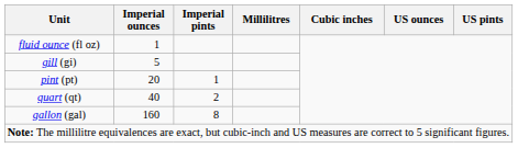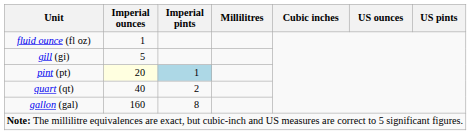 <table class="wikitable">
 <tr>
 <th>Unit</th>
 <th>Imperial<br>ounces</th>
 <th>Imperial<br>pints</th>
 <th>Millilitres</th>
 <th>Cubic inches</th>
 <th>US ounces</th>
 <th>US pints</th>
 </tr>
 <tr>
 <td align=center><em><a href='#'>fluid ounce</a></em> (fl oz)</td>
 <td align=right>1    </td>
 <td align=right>    </td>
 <td></td>
 </tr>
 <tr>
 <td align=center><em><a href='#'>gill</a></em> (gi)</td>
 <td align=right>5    </td>
 <td align=right>    </td>
 <td></td>
 </tr>
 <tr>
 <td align=center><em><a href='#'>pint</a></em> (pt)</td>
-<td align=right>20    </td>
-<td align=right>1    </td>
+<td align=right style="background: lightyellow;">20    </td>
+<td align=right style="background: lightblue;">1    </td>
 <td></td>
 </tr>
 <tr>
 <td align=center><em><a href='#'>quart</a></em> (qt)</td>
 <td align=right>40    </td>
 <td align=right>2    </td>
 <td></td>
 </tr>
 <tr>
 <td align=center><em><a href='#'>gallon</a></em> (gal)</td>
 <td align=right>160    </td>
 <td align=right>8    </td>
 <td></td>
 </tr>
 <tr>
 <td colspan=7><strong>Note:</strong> The millilitre equivalences are exact, but cubic-inch and US measures are correct to 5 significant figures.</td>
 </tr>
 </table>
